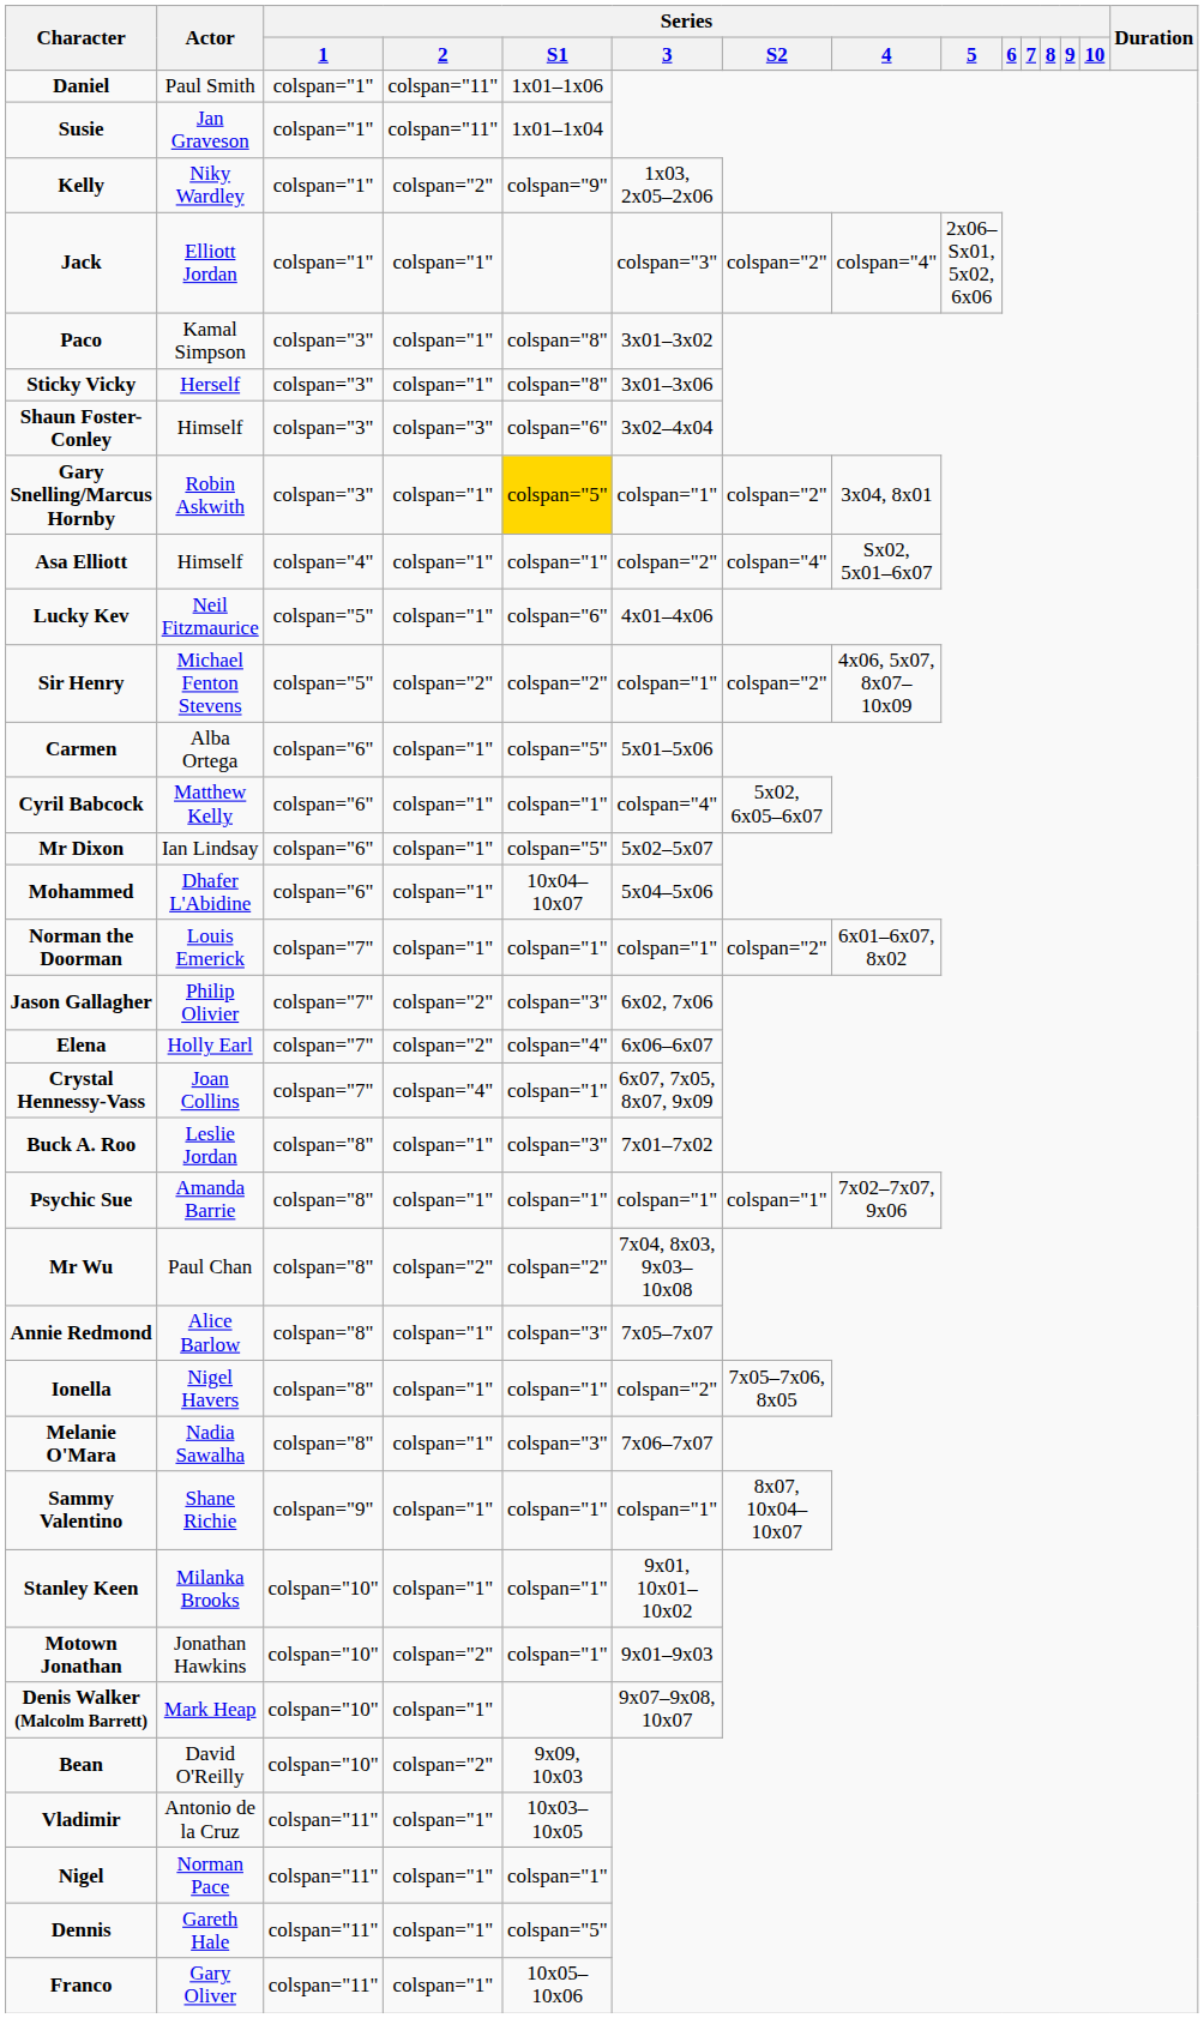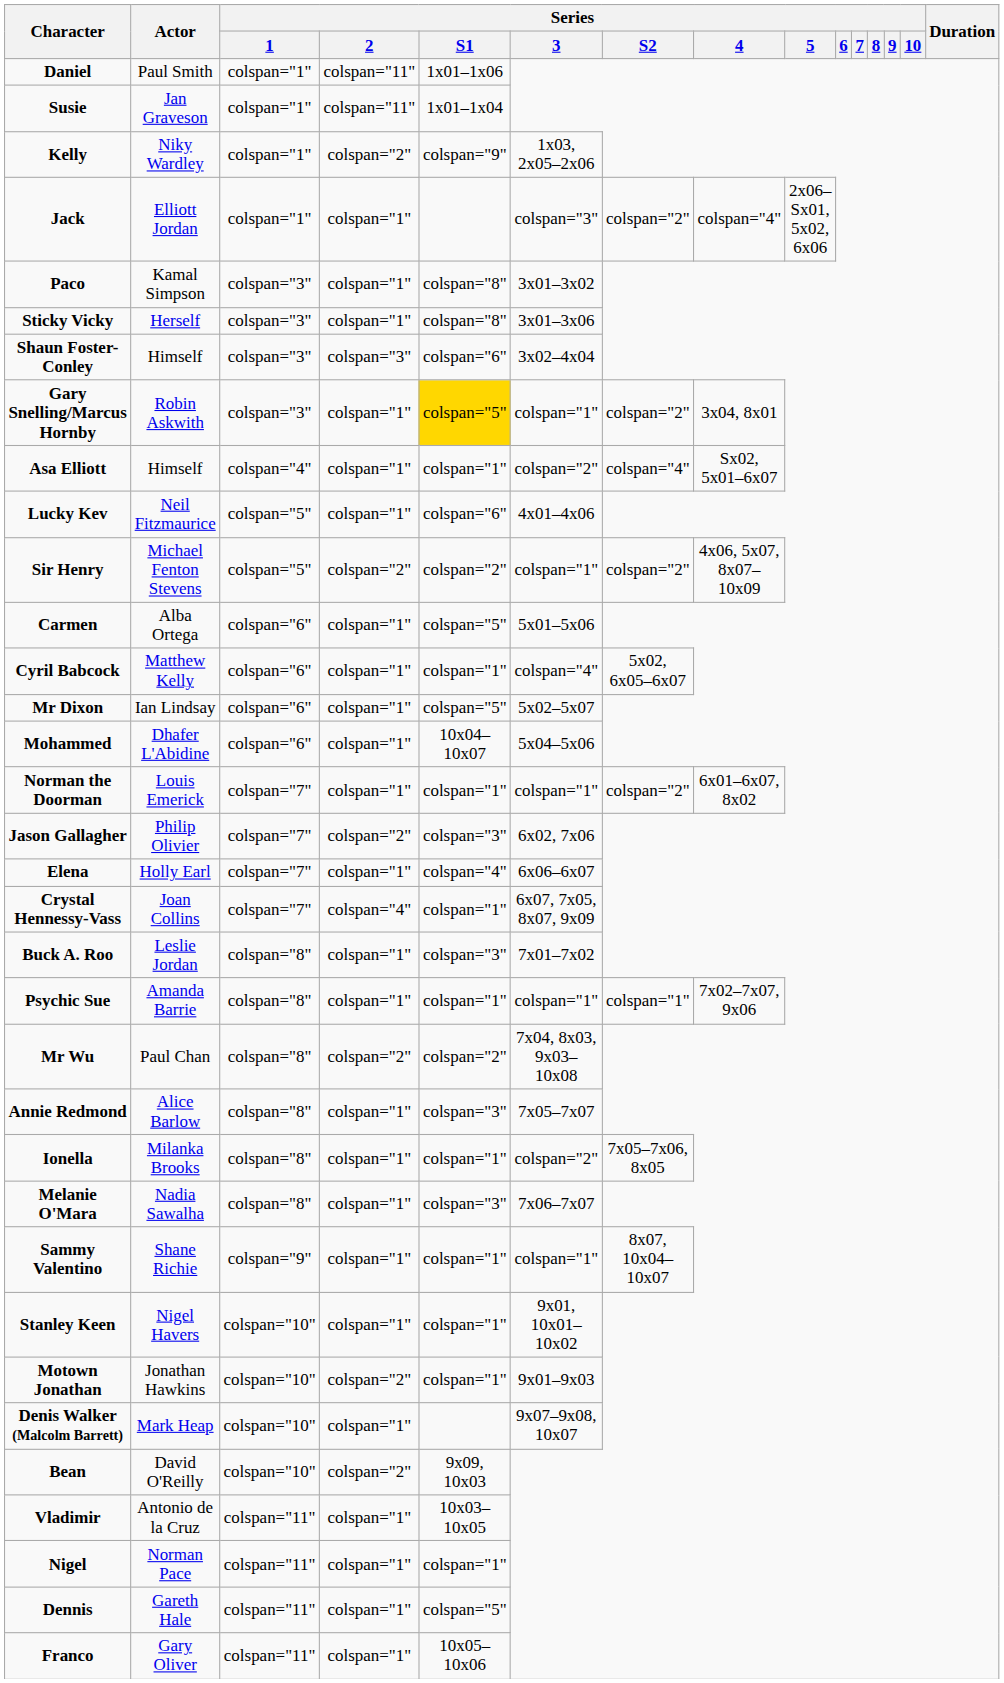 <table class="wikitable" style="text-align:center; width:100%;">
 <tr>
 <th rowspan="2" style="width:150px;">Character</th>
 <th rowspan="2" style="width:150px;">Actor</th>
 <th colspan="12">Series</th>
 <th rowspan="2" style="width:150px;">Duration</th>
 </tr>
 <tr>
 <th style="width:35px;"><a href='#'>1</a></th>
 <th style="width:35px;"><a href='#'>2</a></th>
 <th style="width:35px;"><a href='#'>S1</a></th>
 <th style="width:35px;"><a href='#'>3</a></th>
 <th style="width:35px;"><a href='#'>S2</a></th>
 <th style="width:35px;"><a href='#'>4</a></th>
 <th style="width:35px;"><a href='#'>5</a></th>
 <th style="width:35px;"><a href='#'>6</a></th>
 <th style="width:35px;"><a href='#'>7</a></th>
 <th style="width:35px;"><a href='#'>8</a></th>
 <th style="width:35px;"><a href='#'>9</a></th>
 <th style="width:35px;"><a href='#'>10</a></th>
 </tr>
 <tr>
 <td><strong>Daniel</strong></td>
 <td>Paul Smith</td>
 <td>colspan="1" </td>
 <td>colspan="11" </td>
 <td>1x01–1x06</td>
 </tr>
 <tr>
 <td><strong>Susie</strong></td>
 <td><a href='#'>Jan Graveson</a></td>
 <td>colspan="1" </td>
 <td>colspan="11" </td>
 <td>1x01–1x04</td>
 </tr>
 <tr>
 <td><strong>Kelly</strong></td>
 <td><a href='#'>Niky Wardley</a></td>
 <td>colspan="1" </td>
 <td>colspan="2" </td>
 <td>colspan="9" </td>
 <td>1x03, 2x05–2x06</td>
 </tr>
 <tr>
 <td><strong>Jack</strong></td>
 <td><a href='#'>Elliott Jordan</a></td>
 <td>colspan="1" </td>
 <td>colspan="1" </td>
 <td></td>
 <td>colspan="3" </td>
 <td>colspan="2" </td>
 <td>colspan="4" </td>
 <td>2x06–Sx01, 5x02, 6x06 </td>
 </tr>
 <tr>
 <td><strong>Paco</strong></td>
 <td>Kamal Simpson</td>
 <td>colspan="3" </td>
 <td>colspan="1" </td>
 <td>colspan="8" </td>
 <td>3x01–3x02</td>
 </tr>
 <tr>
 <td><strong>Sticky Vicky</strong></td>
 <td><a href='#'>Herself</a></td>
 <td>colspan="3" </td>
 <td>colspan="1" </td>
 <td>colspan="8" </td>
 <td>3x01–3x06</td>
 </tr>
 <tr>
 <td><strong>Shaun Foster-Conley</strong></td>
 <td>Himself</td>
 <td>colspan="3" </td>
 <td>colspan="3" </td>
 <td>colspan="6" </td>
 <td>3x02–4x04</td>
 </tr>
 <tr>
 <td><strong>Gary Snelling/Marcus Hornby</strong></td>
 <td><a href='#'>Robin Askwith</a></td>
 <td>colspan="3" </td>
 <td>colspan="1" </td>
 <td style="background: gold;">colspan="5" </td>
 <td>colspan="1" </td>
 <td>colspan="2" </td>
 <td>3x04, 8x01</td>
 </tr>
 <tr>
 <td><strong>Asa Elliott</strong></td>
 <td>Himself</td>
 <td>colspan="4" </td>
 <td>colspan="1" </td>
 <td>colspan="1" </td>
 <td>colspan="2" </td>
 <td>colspan="4" </td>
 <td>Sx02, 5x01–6x07</td>
 </tr>
 <tr>
 <td><strong>Lucky Kev</strong></td>
 <td><a href='#'>Neil Fitzmaurice</a></td>
 <td>colspan="5" </td>
 <td>colspan="1" </td>
 <td>colspan="6" </td>
 <td>4x01–4x06</td>
 </tr>
 <tr>
 <td><strong>Sir Henry</strong></td>
 <td><a href='#'>Michael Fenton Stevens</a></td>
 <td>colspan="5" </td>
 <td>colspan="2" </td>
 <td>colspan="2" </td>
 <td>colspan="1" </td>
 <td>colspan="2" </td>
 <td>4x06, 5x07, 8x07–10x09</td>
 </tr>
 <tr>
 <td><strong>Carmen</strong></td>
 <td>Alba Ortega</td>
 <td>colspan="6" </td>
 <td>colspan="1" </td>
 <td>colspan="5" </td>
 <td>5x01–5x06</td>
 </tr>
 <tr>
 <td><strong>Cyril Babcock</strong></td>
 <td><a href='#'>Matthew Kelly</a></td>
 <td>colspan="6" </td>
 <td>colspan="1" </td>
 <td>colspan="1" </td>
 <td>colspan="4" </td>
 <td>5x02, 6x05–6x07</td>
 </tr>
 <tr>
 <td><strong>Mr Dixon</strong></td>
 <td>Ian Lindsay</td>
 <td>colspan="6" </td>
 <td>colspan="1" </td>
 <td>colspan="5" </td>
 <td>5x02–5x07</td>
 </tr>
 <tr>
 <td><strong>Mohammed</strong></td>
 <td><a href='#'>Dhafer L'Abidine</a></td>
 <td>colspan="6" </td>
 <td>colspan="1" </td>
 <td>10x04–10x07</td>
 <td>5x04–5x06</td>
 </tr>
 <tr>
 <td><strong>Norman the Doorman</strong></td>
 <td><a href='#'>Louis Emerick</a></td>
 <td>colspan="7" </td>
 <td>colspan="1" </td>
 <td>colspan="1" </td>
 <td>colspan="1" </td>
 <td>colspan="2" </td>
 <td>6x01–6x07, 8x02</td>
 </tr>
 <tr>
 <td><strong>Jason Gallagher</strong></td>
 <td><a href='#'>Philip Olivier</a></td>
 <td>colspan="7" </td>
 <td>colspan="2" </td>
 <td>colspan="3" </td>
 <td>6x02, 7x06</td>
 </tr>
 <tr>
 <td><strong>Elena</strong></td>
 <td><a href='#'>Holly Earl</a></td>
 <td>colspan="7" </td>
-<td>colspan="2" </td>
+<td>colspan="1" </td>
 <td>colspan="4" </td>
 <td>6x06–6x07</td>
 </tr>
 <tr>
 <td><strong>Crystal Hennessy-Vass</strong></td>
 <td><a href='#'>Joan Collins</a></td>
 <td>colspan="7" </td>
 <td>colspan="4" </td>
 <td>colspan="1" </td>
 <td>6x07, 7x05, 8x07, 9x09</td>
 </tr>
 <tr>
 <td><strong>Buck A. Roo</strong></td>
 <td><a href='#'>Leslie Jordan</a></td>
 <td>colspan="8" </td>
 <td>colspan="1" </td>
 <td>colspan="3" </td>
 <td>7x01–7x02</td>
 </tr>
 <tr>
 <td><strong>Psychic Sue</strong></td>
 <td><a href='#'>Amanda Barrie</a></td>
 <td>colspan="8" </td>
 <td>colspan="1" </td>
 <td>colspan="1" </td>
 <td>colspan="1" </td>
 <td>colspan="1" </td>
 <td>7x02–7x07, 9x06</td>
 </tr>
 <tr>
 <td><strong>Mr Wu</strong></td>
 <td>Paul Chan</td>
 <td>colspan="8" </td>
 <td>colspan="2" </td>
 <td>colspan="2" </td>
 <td>7x04, 8x03, 9x03–10x08</td>
 </tr>
 <tr>
 <td><strong>Annie Redmond</strong></td>
 <td><a href='#'>Alice Barlow</a></td>
 <td>colspan="8" </td>
 <td>colspan="1" </td>
 <td>colspan="3" </td>
 <td>7x05–7x07</td>
 </tr>
 <tr>
 <td><strong>Ionella</strong></td>
-<td><a href='#'>Nigel Havers</a></td>
+<td><a href='#'>Milanka Brooks</a></td>
 <td>colspan="8" </td>
 <td>colspan="1" </td>
 <td>colspan="1" </td>
 <td>colspan="2" </td>
 <td>7x05–7x06, 8x05</td>
 </tr>
 <tr>
 <td><strong>Melanie O'Mara</strong></td>
 <td><a href='#'>Nadia Sawalha</a></td>
 <td>colspan="8" </td>
 <td>colspan="1" </td>
 <td>colspan="3" </td>
 <td>7x06–7x07</td>
 </tr>
 <tr>
 <td><strong>Sammy Valentino</strong></td>
 <td><a href='#'>Shane Richie</a></td>
 <td>colspan="9" </td>
 <td>colspan="1" </td>
 <td>colspan="1" </td>
 <td>colspan="1" </td>
 <td>8x07, 10x04–10x07</td>
 </tr>
 <tr>
 <td><strong>Stanley Keen</strong></td>
-<td><a href='#'>Milanka Brooks</a></td>
+<td><a href='#'>Nigel Havers</a></td>
 <td>colspan="10" </td>
 <td>colspan="1" </td>
 <td>colspan="1" </td>
 <td>9x01, 10x01–10x02</td>
 </tr>
 <tr>
 <td><strong>Motown Jonathan</strong></td>
 <td>Jonathan Hawkins</td>
 <td>colspan="10" </td>
 <td>colspan="2" </td>
 <td>colspan="1" </td>
 <td>9x01–9x03</td>
 </tr>
 <tr>
 <td><strong>Denis Walker <small>(Malcolm Barrett)</small></strong></td>
 <td><a href='#'>Mark Heap</a></td>
 <td>colspan="10" </td>
 <td>colspan="1" </td>
 <td></td>
 <td>9x07–9x08, 10x07</td>
 </tr>
 <tr>
 <td><strong>Bean</strong></td>
 <td>David O'Reilly</td>
 <td>colspan="10" </td>
 <td>colspan="2"  </td>
 <td>9x09, 10x03</td>
 </tr>
 <tr>
 <td><strong>Vladimir</strong></td>
 <td>Antonio de la Cruz</td>
 <td>colspan="11" </td>
 <td>colspan="1" </td>
 <td>10x03–10x05</td>
 </tr>
 <tr>
 <td><strong>Nigel</strong></td>
 <td><a href='#'>Norman Pace</a></td>
 <td>colspan="11" </td>
 <td>colspan="1" </td>
 <td>colspan="1" </td>
 </tr>
 <tr>
 <td><strong>Dennis</strong></td>
 <td><a href='#'>Gareth Hale</a></td>
 <td>colspan="11" </td>
 <td>colspan="1" </td>
 <td>colspan="5" </td>
 </tr>
 <tr>
 <td><strong>Franco</strong></td>
 <td><a href='#'>Gary Oliver</a></td>
 <td>colspan="11" </td>
 <td>colspan="1"</td>
 <td>10x05–10x06</td>
 </tr>
 </table>
